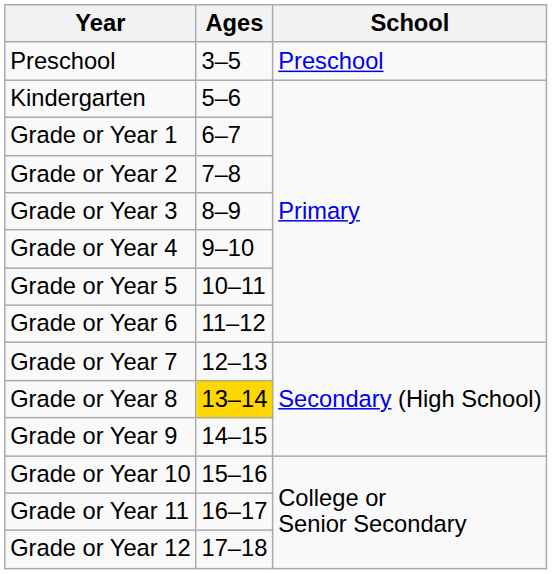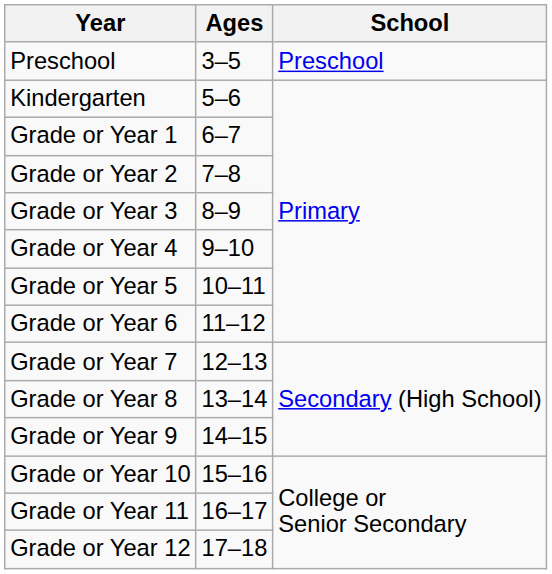 <table class="wikitable">
 <tr>
 <th>Year</th>
 <th>Ages</th>
 <th>School</th>
 </tr>
 <tr>
 <td>Preschool</td>
 <td>3–5</td>
 <td><a href='#'>Preschool</a></td>
 </tr>
 <tr>
 <td>Kindergarten</td>
 <td>5–6</td>
 <td rowspan=7><a href='#'>Primary</a></td>
 </tr>
 <tr>
 <td>Grade or Year 1</td>
 <td>6–7</td>
 </tr>
 <tr>
 <td>Grade or Year 2</td>
 <td>7–8</td>
 </tr>
 <tr>
 <td>Grade or Year 3</td>
 <td>8–9</td>
 </tr>
 <tr>
 <td>Grade or Year 4</td>
 <td>9–10</td>
 </tr>
 <tr>
 <td>Grade or Year 5</td>
 <td>10–11</td>
 </tr>
 <tr>
 <td>Grade or Year 6</td>
 <td>11–12</td>
 </tr>
 <tr>
 <td>Grade or Year 7</td>
 <td>12–13</td>
 <td rowspan=3><a href='#'>Secondary</a> (High School)</td>
 </tr>
 <tr>
 <td>Grade or Year 8</td>
-<td style="background: gold;">13–14</td>
+<td>13–14</td>
 </tr>
 <tr>
 <td>Grade or Year 9</td>
 <td>14–15</td>
 </tr>
 <tr>
 <td>Grade or Year 10</td>
 <td>15–16</td>
 <td rowspan=3>College or<br>Senior Secondary</td>
 </tr>
 <tr>
 <td>Grade or Year 11</td>
 <td>16–17</td>
 </tr>
 <tr>
 <td>Grade or Year 12</td>
 <td>17–18</td>
 </tr>
 </table>
